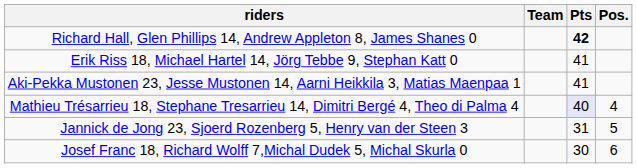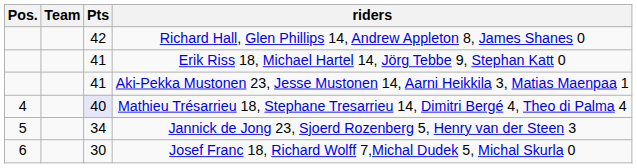 <table class=wikitable>
 <tr>
-<th>riders</th>
+<th>Pos.</th>
 <th>Team</th>
 <th>Pts</th>
-<th>Pos.</th>
+<th>riders</th>
 </tr>
 <tr align=center>
+<td></td>
+<td align=left></td>
+<td>42</td>
 <td><a href='#'>Richard Hall</a>, <a href='#'>Glen Phillips</a>  14, <a href='#'>Andrew Appleton</a> 8, <a href='#'>James Shanes</a> 0</td>
-<td align=left></td>
-<td><strong>42</strong></td>
-<td></td>
 </tr>
 <tr align=center>
-<td><a href='#'>Erik Riss</a> 18, <a href='#'>Michael Hartel</a> 14, <a href='#'>Jörg Tebbe</a> 9, <a href='#'>Stephan Katt</a> 0</td>
+<td></td>
 <td align=left></td>
 <td>41</td>
-<td></td>
+<td><a href='#'>Erik Riss</a> 18, <a href='#'>Michael Hartel</a> 14, <a href='#'>Jörg Tebbe</a> 9, <a href='#'>Stephan Katt</a> 0</td>
 </tr>
 <tr align=center>
-<td><a href='#'>Aki-Pekka Mustonen</a> 23, <a href='#'>Jesse Mustonen</a> 14, <a href='#'>Aarni Heikkila</a> 3, <a href='#'>Matias Maenpaa</a> 1</td>
+<td></td>
 <td align=left></td>
 <td>41</td>
-<td></td>
+<td><a href='#'>Aki-Pekka Mustonen</a> 23, <a href='#'>Jesse Mustonen</a> 14, <a href='#'>Aarni Heikkila</a> 3, <a href='#'>Matias Maenpaa</a> 1</td>
 </tr>
 <tr align=center>
-<td><a href='#'>Mathieu Trésarrieu</a> 18, <a href='#'>Stephane Tresarrieu</a> 14, <a href='#'>Dimitri Bergé</a> 4, <a href='#'>Theo di Palma</a> 4</td>
+<td>4</td>
 <td align=left></td>
 <td style="background: lavender;">40</td>
-<td>4</td>
+<td><a href='#'>Mathieu Trésarrieu</a> 18, <a href='#'>Stephane Tresarrieu</a> 14, <a href='#'>Dimitri Bergé</a> 4, <a href='#'>Theo di Palma</a> 4</td>
 </tr>
 <tr align=center>
+<td>5</td>
+<td align=left></td>
+<td>34</td>
 <td><a href='#'>Jannick de Jong</a> 23, <a href='#'>Sjoerd Rozenberg</a> 5, <a href='#'>Henry van der Steen</a> 3</td>
-<td align=left></td>
-<td>31</td>
-<td>5</td>
 </tr>
 <tr align=center>
-<td><a href='#'>Josef Franc</a> 18, <a href='#'>Richard Wolff</a> 7,<a href='#'>Michal Dudek</a> 5, <a href='#'>Michal Skurla</a> 0</td>
+<td>6</td>
 <td align=left></td>
 <td>30</td>
-<td>6</td>
+<td><a href='#'>Josef Franc</a> 18, <a href='#'>Richard Wolff</a> 7,<a href='#'>Michal Dudek</a> 5, <a href='#'>Michal Skurla</a> 0</td>
 </tr>
 </table>
